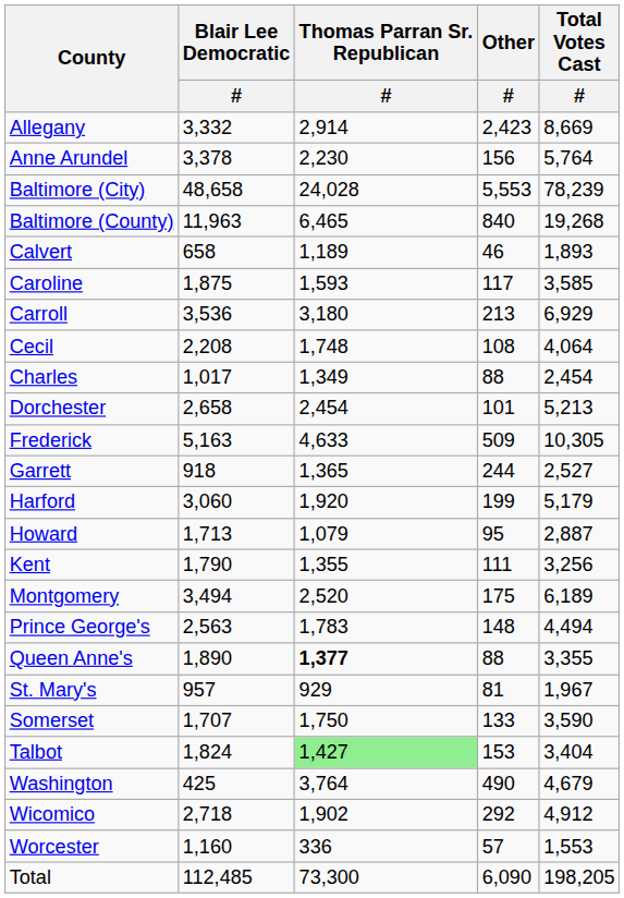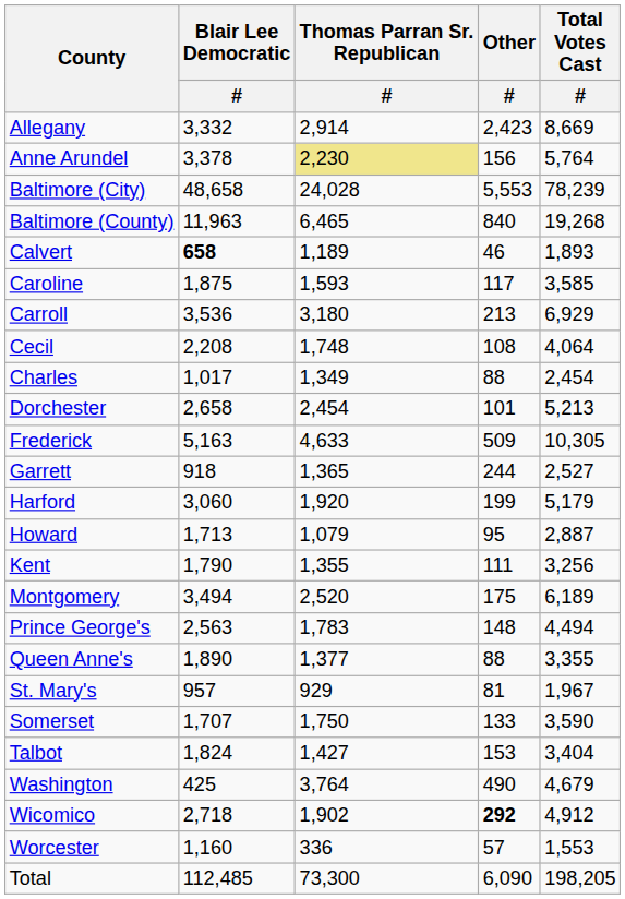 <table class="wikitable sortable">
 <tr>
 <th rowspan="2">County</th>
 <th colspan="1" >Blair Lee<br>Democratic</th>
 <th colspan="1" >Thomas Parran Sr.<br>Republican</th>
 <th colspan="1" >Other</th>
 <th rowspan="1">Total<br>Votes<br>Cast</th>
 </tr>
 <tr>
 <th>#</th>
 <th>#</th>
 <th>#</th>
 <th>#</th>
 </tr>
 <tr>
 <td><a href='#'>Allegany</a></td>
 <td>3,332</td>
 <td>2,914</td>
 <td>2,423</td>
 <td>8,669</td>
 </tr>
 <tr>
 <td><a href='#'>Anne Arundel</a></td>
 <td>3,378</td>
-<td>2,230</td>
+<td style="background: khaki;">2,230</td>
 <td>156</td>
 <td>5,764</td>
 </tr>
 <tr>
 <td><a href='#'>Baltimore (City)</a></td>
 <td>48,658</td>
 <td>24,028</td>
 <td>5,553</td>
 <td>78,239</td>
 </tr>
 <tr>
 <td><a href='#'>Baltimore (County)</a></td>
 <td>11,963</td>
 <td>6,465</td>
 <td>840</td>
 <td>19,268</td>
 </tr>
 <tr>
 <td><a href='#'>Calvert</a></td>
-<td>658</td>
+<td><strong>658</strong></td>
 <td>1,189</td>
 <td>46</td>
 <td>1,893</td>
 </tr>
 <tr>
 <td><a href='#'>Caroline</a></td>
 <td>1,875</td>
 <td>1,593</td>
 <td>117</td>
 <td>3,585</td>
 </tr>
 <tr>
 <td><a href='#'>Carroll</a></td>
 <td>3,536</td>
 <td>3,180</td>
 <td>213</td>
 <td>6,929</td>
 </tr>
 <tr>
 <td><a href='#'>Cecil</a></td>
 <td>2,208</td>
 <td>1,748</td>
 <td>108</td>
 <td>4,064</td>
 </tr>
 <tr>
 <td><a href='#'>Charles</a></td>
 <td>1,017</td>
 <td>1,349</td>
 <td>88</td>
 <td>2,454</td>
 </tr>
 <tr>
 <td><a href='#'>Dorchester</a></td>
 <td>2,658</td>
 <td>2,454</td>
 <td>101</td>
 <td>5,213</td>
 </tr>
 <tr>
 <td><a href='#'>Frederick</a></td>
 <td>5,163</td>
 <td>4,633</td>
 <td>509</td>
 <td>10,305</td>
 </tr>
 <tr>
 <td><a href='#'>Garrett</a></td>
 <td>918</td>
 <td>1,365</td>
 <td>244</td>
 <td>2,527</td>
 </tr>
 <tr>
 <td><a href='#'>Harford</a></td>
 <td>3,060</td>
 <td>1,920</td>
 <td>199</td>
 <td>5,179</td>
 </tr>
 <tr>
 <td><a href='#'>Howard</a></td>
 <td>1,713</td>
 <td>1,079</td>
 <td>95</td>
 <td>2,887</td>
 </tr>
 <tr>
 <td><a href='#'>Kent</a></td>
 <td>1,790</td>
 <td>1,355</td>
 <td>111</td>
 <td>3,256</td>
 </tr>
 <tr>
 <td><a href='#'>Montgomery</a></td>
 <td>3,494</td>
 <td>2,520</td>
 <td>175</td>
 <td>6,189</td>
 </tr>
 <tr>
 <td><a href='#'>Prince George's</a></td>
 <td>2,563</td>
 <td>1,783</td>
 <td>148</td>
 <td>4,494</td>
 </tr>
 <tr>
 <td><a href='#'>Queen Anne's</a></td>
 <td>1,890</td>
-<td><strong>1,377</strong></td>
+<td>1,377</td>
 <td>88</td>
 <td>3,355</td>
 </tr>
 <tr>
 <td><a href='#'>St. Mary's</a></td>
 <td>957</td>
 <td>929</td>
 <td>81</td>
 <td>1,967</td>
 </tr>
 <tr>
 <td><a href='#'>Somerset</a></td>
 <td>1,707</td>
 <td>1,750</td>
 <td>133</td>
 <td>3,590</td>
 </tr>
 <tr>
 <td><a href='#'>Talbot</a></td>
 <td>1,824</td>
-<td style="background: lightgreen;">1,427</td>
+<td>1,427</td>
 <td>153</td>
 <td>3,404</td>
 </tr>
 <tr>
 <td><a href='#'>Washington</a></td>
 <td>425</td>
 <td>3,764</td>
 <td>490</td>
 <td>4,679</td>
 </tr>
 <tr>
 <td><a href='#'>Wicomico</a></td>
 <td>2,718</td>
 <td>1,902</td>
-<td>292</td>
+<td><strong>292</strong></td>
 <td>4,912</td>
 </tr>
 <tr>
 <td><a href='#'>Worcester</a></td>
 <td>1,160</td>
 <td>336</td>
 <td>57</td>
 <td>1,553</td>
 </tr>
 <tr>
 <td>Total</td>
 <td>112,485</td>
 <td>73,300</td>
 <td>6,090</td>
 <td>198,205</td>
 </tr>
 </table>
